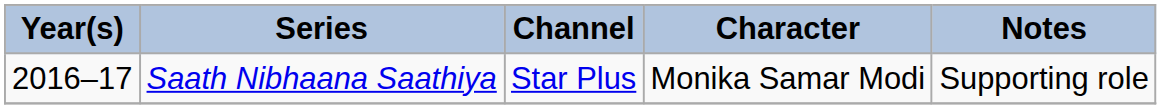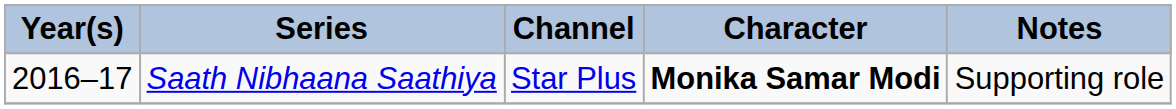 <table class="wikitable sortable">
 <tr>
 <th style="background:#B0C4DE;">Year(s)</th>
 <th style="background:#B0C4DE;">Series</th>
 <th style="background:#B0C4DE;">Channel</th>
 <th style="background:#B0C4DE;">Character</th>
 <th style="background:#B0C4DE;">Notes</th>
 </tr>
 <tr>
 <td>2016–17</td>
 <td><em><a href='#'>Saath Nibhaana Saathiya</a></em></td>
 <td><a href='#'>Star Plus</a></td>
-<td>Monika Samar Modi</td>
+<td><strong>Monika Samar Modi</strong></td>
 <td>Supporting role</td>
 </tr>
 <tr>
 </tr>
 </table>
